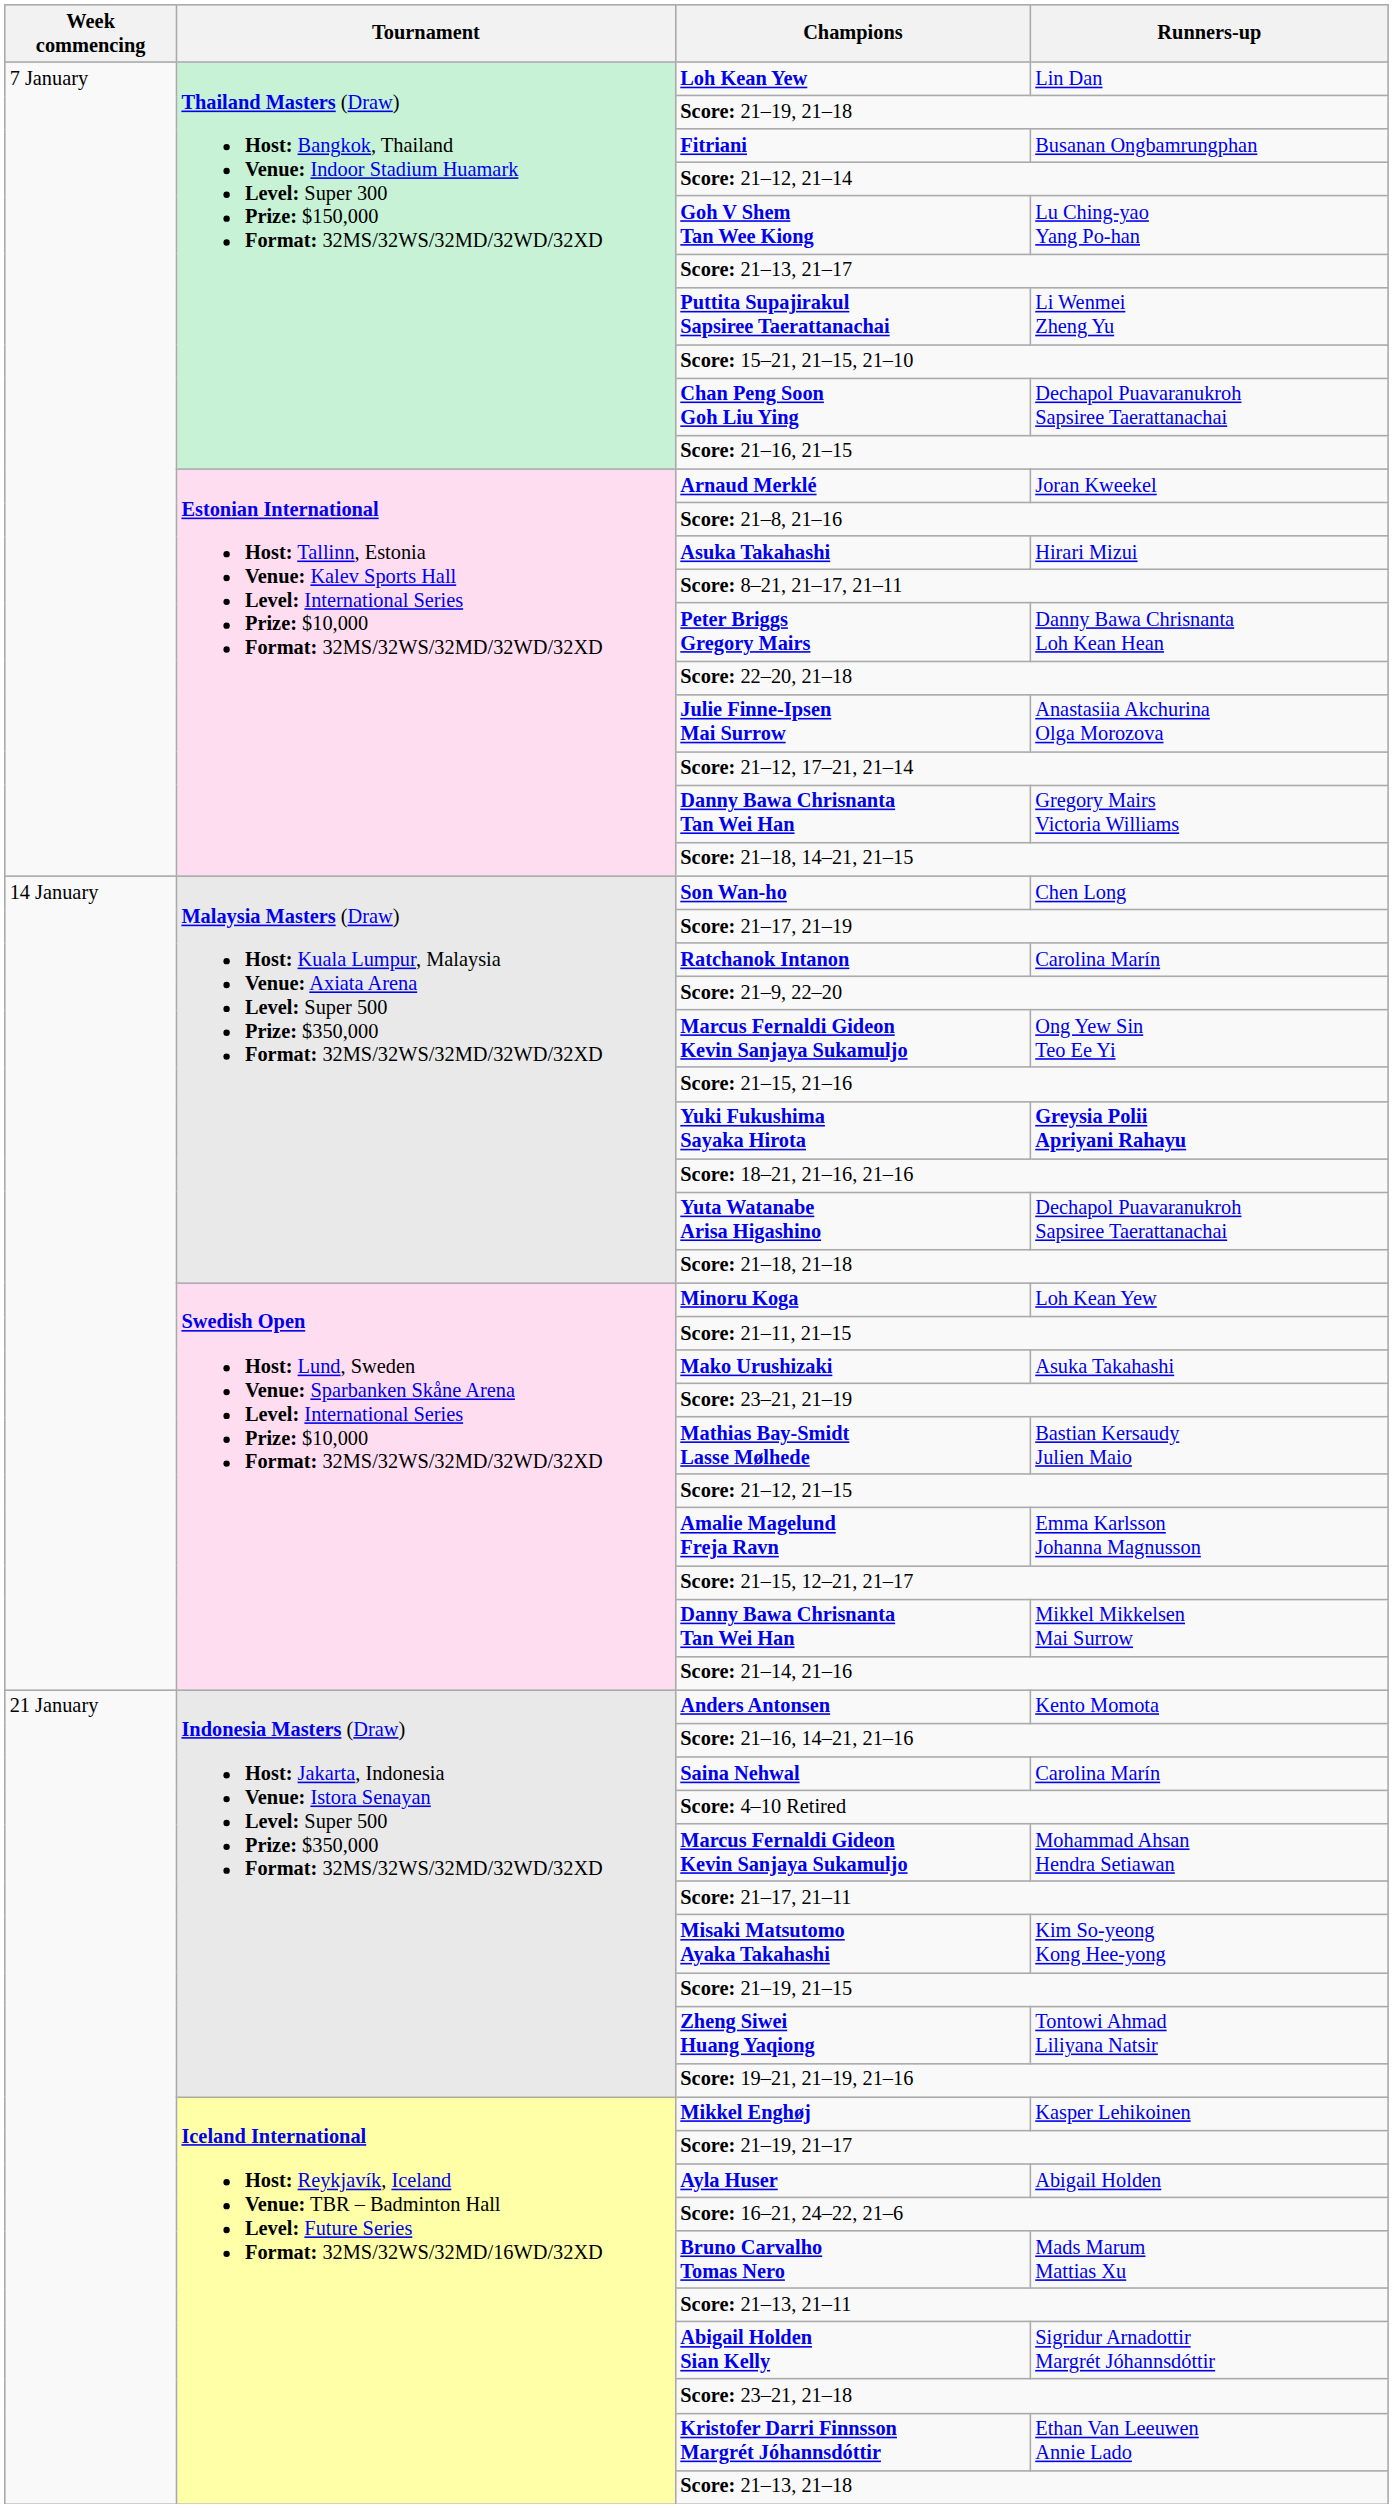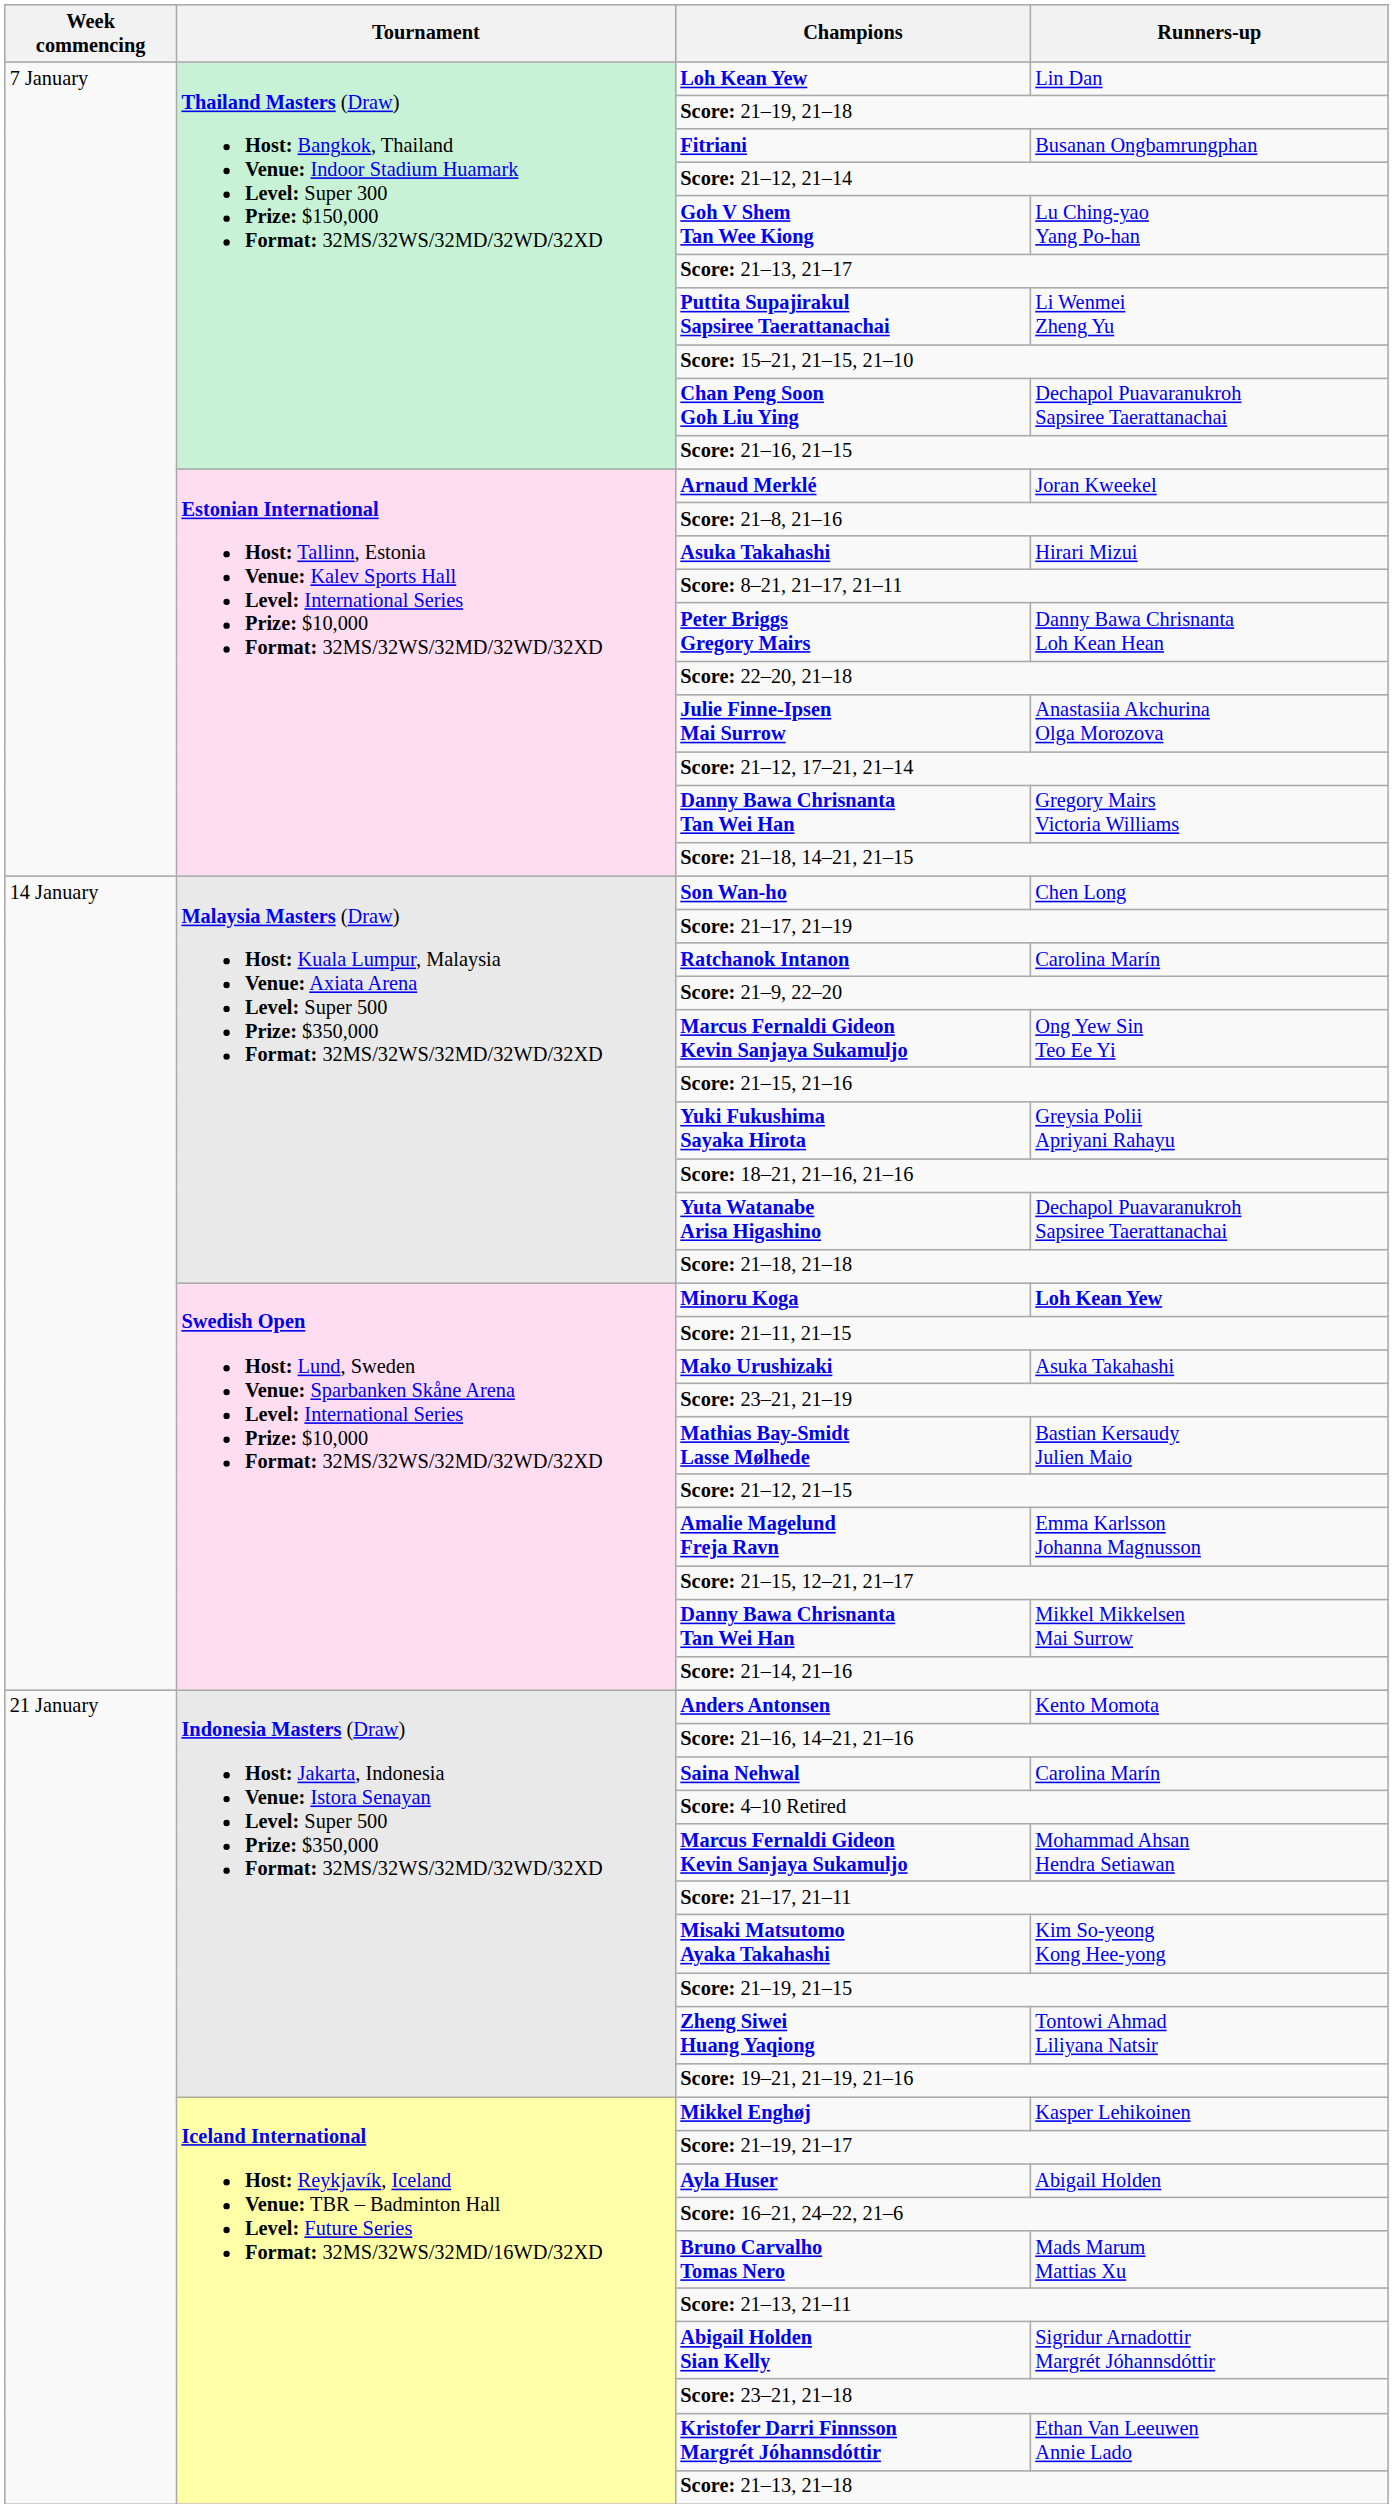 <table class=wikitable style=font-size:80%>
 <tr>
 <th width=110>Week commencing</th>
 <th width=330>Tournament</th>
 <th width=250>Champions</th>
 <th width=250>Runners-up</th>
 </tr>
 <tr valign=top>
 <td rowspan=20>7 January</td>
 <td style="background:#C7F2D5;" rowspan="10"><br><strong><a href='#'>Thailand Masters</a></strong> (<a href='#'>Draw</a>)<ul><li><strong>Host:</strong> <a href='#'>Bangkok</a>, Thailand</li><li><strong>Venue:</strong> <a href='#'>Indoor Stadium Huamark</a></li><li><strong>Level:</strong> Super 300</li><li><strong>Prize:</strong> $150,000</li><li><strong>Format:</strong> 32MS/32WS/32MD/32WD/32XD</li></ul></td>
 <td><strong> <a href='#'>Loh Kean Yew</a></strong></td>
 <td> <a href='#'>Lin Dan</a></td>
 </tr>
 <tr>
 <td colspan=2><strong>Score:</strong> 21–19, 21–18</td>
 </tr>
 <tr valign=top>
 <td><strong> <a href='#'>Fitriani</a></strong></td>
 <td> <a href='#'>Busanan Ongbamrungphan</a></td>
 </tr>
 <tr>
 <td colspan=2><strong>Score:</strong> 21–12, 21–14</td>
 </tr>
 <tr valign=top>
 <td><strong> <a href='#'>Goh V Shem</a><br> <a href='#'>Tan Wee Kiong</a></strong></td>
 <td> <a href='#'>Lu Ching-yao</a><br> <a href='#'>Yang Po-han</a></td>
 </tr>
 <tr>
 <td colspan=2><strong>Score:</strong> 21–13, 21–17</td>
 </tr>
 <tr valign=top>
 <td><strong> <a href='#'>Puttita Supajirakul</a><br> <a href='#'>Sapsiree Taerattanachai</a></strong></td>
 <td> <a href='#'>Li Wenmei</a><br> <a href='#'>Zheng Yu</a></td>
 </tr>
 <tr>
 <td colspan=2><strong>Score:</strong> 15–21, 21–15, 21–10</td>
 </tr>
 <tr valign=top>
 <td><strong> <a href='#'>Chan Peng Soon</a><br> <a href='#'>Goh Liu Ying</a></strong></td>
 <td> <a href='#'>Dechapol Puavaranukroh</a><br> <a href='#'>Sapsiree Taerattanachai</a></td>
 </tr>
 <tr>
 <td colspan=2><strong>Score:</strong> 21–16, 21–15</td>
 </tr>
 <tr valign=top>
 <td style="background:#FFDDF1;" rowspan="10"><br><strong><a href='#'>Estonian International</a></strong><ul><li><strong>Host:</strong> <a href='#'>Tallinn</a>, Estonia</li><li><strong>Venue:</strong> <a href='#'>Kalev Sports Hall</a></li><li><strong>Level:</strong> <a href='#'>International Series</a></li><li><strong>Prize:</strong> $10,000</li><li><strong>Format:</strong> 32MS/32WS/32MD/32WD/32XD</li></ul></td>
 <td><strong> <a href='#'>Arnaud Merklé</a></strong></td>
 <td> <a href='#'>Joran Kweekel</a></td>
 </tr>
 <tr>
 <td colspan=2><strong>Score:</strong> 21–8, 21–16</td>
 </tr>
 <tr valign=top>
 <td><strong> <a href='#'>Asuka Takahashi</a></strong></td>
 <td> <a href='#'>Hirari Mizui</a></td>
 </tr>
 <tr>
 <td colspan=2><strong>Score:</strong> 8–21, 21–17, 21–11</td>
 </tr>
 <tr valign=top>
 <td><strong> <a href='#'>Peter Briggs</a><br> <a href='#'>Gregory Mairs</a></strong></td>
 <td> <a href='#'>Danny Bawa Chrisnanta</a><br> <a href='#'>Loh Kean Hean</a></td>
 </tr>
 <tr>
 <td colspan=2><strong>Score:</strong> 22–20, 21–18</td>
 </tr>
 <tr valign=top>
 <td><strong> <a href='#'>Julie Finne-Ipsen</a><br> <a href='#'>Mai Surrow</a></strong></td>
 <td> <a href='#'>Anastasiia Akchurina</a><br> <a href='#'>Olga Morozova</a></td>
 </tr>
 <tr>
 <td colspan=2><strong>Score:</strong> 21–12, 17–21, 21–14</td>
 </tr>
 <tr valign=top>
 <td><strong> <a href='#'>Danny Bawa Chrisnanta</a><br> <a href='#'>Tan Wei Han</a></strong></td>
 <td> <a href='#'>Gregory Mairs</a><br> <a href='#'>Victoria Williams</a></td>
 </tr>
 <tr>
 <td colspan=2><strong>Score:</strong> 21–18, 14–21, 21–15</td>
 </tr>
 <tr valign=top>
 <td rowspan=20>14 January</td>
 <td style="background:#E9E9E9;" rowspan="10"><br><strong><a href='#'>Malaysia Masters</a></strong> (<a href='#'>Draw</a>)<ul><li><strong>Host:</strong> <a href='#'>Kuala Lumpur</a>, Malaysia</li><li><strong>Venue:</strong> <a href='#'>Axiata Arena</a></li><li><strong>Level:</strong> Super 500</li><li><strong>Prize:</strong> $350,000</li><li><strong>Format:</strong> 32MS/32WS/32MD/32WD/32XD</li></ul></td>
 <td><strong> <a href='#'>Son Wan-ho</a></strong></td>
 <td> <a href='#'>Chen Long</a></td>
 </tr>
 <tr>
 <td colspan=2><strong>Score:</strong> 21–17, 21–19</td>
 </tr>
 <tr valign=top>
 <td><strong> <a href='#'>Ratchanok Intanon</a></strong></td>
 <td> <a href='#'>Carolina Marín</a></td>
 </tr>
 <tr>
 <td colspan=2><strong>Score:</strong> 21–9, 22–20</td>
 </tr>
 <tr valign=top>
 <td><strong> <a href='#'>Marcus Fernaldi Gideon</a><br> <a href='#'>Kevin Sanjaya Sukamuljo</a></strong></td>
 <td> <a href='#'>Ong Yew Sin</a><br> <a href='#'>Teo Ee Yi</a></td>
 </tr>
 <tr>
 <td colspan=2><strong>Score:</strong> 21–15, 21–16</td>
 </tr>
 <tr valign=top>
 <td><strong> <a href='#'>Yuki Fukushima</a><br> <a href='#'>Sayaka Hirota</a></strong></td>
-<td><strong> <a href='#'>Greysia Polii</a><br> <a href='#'>Apriyani Rahayu</a></strong></td>
+<td> <a href='#'>Greysia Polii</a><br> <a href='#'>Apriyani Rahayu</a></td>
 </tr>
 <tr>
 <td colspan=2><strong>Score:</strong> 18–21, 21–16, 21–16</td>
 </tr>
 <tr valign=top>
 <td><strong> <a href='#'>Yuta Watanabe</a><br> <a href='#'>Arisa Higashino</a></strong></td>
 <td> <a href='#'>Dechapol Puavaranukroh</a><br> <a href='#'>Sapsiree Taerattanachai</a></td>
 </tr>
 <tr>
 <td colspan=2><strong>Score:</strong> 21–18, 21–18</td>
 </tr>
 <tr valign=top>
 <td style="background:#FFDDF1;" rowspan="10"><br><strong><a href='#'>Swedish Open</a></strong><ul><li><strong>Host:</strong> <a href='#'>Lund</a>, Sweden</li><li><strong>Venue:</strong> <a href='#'>Sparbanken Skåne Arena</a></li><li><strong>Level:</strong> <a href='#'>International Series</a></li><li><strong>Prize:</strong> $10,000</li><li><strong>Format:</strong> 32MS/32WS/32MD/32WD/32XD</li></ul></td>
 <td><strong> <a href='#'>Minoru Koga</a></strong></td>
-<td> <a href='#'>Loh Kean Yew</a></td>
+<td><strong> <a href='#'>Loh Kean Yew</a></strong></td>
 </tr>
 <tr>
 <td colspan=2><strong>Score:</strong> 21–11, 21–15</td>
 </tr>
 <tr valign=top>
 <td><strong> <a href='#'>Mako Urushizaki</a></strong></td>
 <td> <a href='#'>Asuka Takahashi</a></td>
 </tr>
 <tr>
 <td colspan=2><strong>Score:</strong> 23–21, 21–19</td>
 </tr>
 <tr valign=top>
 <td><strong> <a href='#'>Mathias Bay-Smidt</a><br> <a href='#'>Lasse Mølhede</a></strong></td>
 <td> <a href='#'>Bastian Kersaudy</a><br> <a href='#'>Julien Maio</a></td>
 </tr>
 <tr>
 <td colspan=2><strong>Score:</strong> 21–12, 21–15</td>
 </tr>
 <tr valign=top>
 <td><strong> <a href='#'>Amalie Magelund</a><br> <a href='#'>Freja Ravn</a></strong></td>
 <td> <a href='#'>Emma Karlsson</a><br> <a href='#'>Johanna Magnusson</a></td>
 </tr>
 <tr>
 <td colspan=2><strong>Score:</strong> 21–15, 12–21, 21–17</td>
 </tr>
 <tr valign=top>
 <td><strong> <a href='#'>Danny Bawa Chrisnanta</a><br> <a href='#'>Tan Wei Han</a></strong></td>
 <td> <a href='#'>Mikkel Mikkelsen</a><br> <a href='#'>Mai Surrow</a></td>
 </tr>
 <tr>
 <td colspan=2><strong>Score:</strong> 21–14, 21–16</td>
 </tr>
 <tr valign=top>
 <td rowspan=20>21 January</td>
 <td style="background:#E9E9E9;" rowspan="10"><br><strong><a href='#'>Indonesia Masters</a></strong> (<a href='#'>Draw</a>)<ul><li><strong>Host:</strong> <a href='#'>Jakarta</a>, Indonesia</li><li><strong>Venue:</strong> <a href='#'>Istora Senayan</a></li><li><strong>Level:</strong> Super 500</li><li><strong>Prize:</strong> $350,000</li><li><strong>Format:</strong> 32MS/32WS/32MD/32WD/32XD</li></ul></td>
 <td><strong> <a href='#'>Anders Antonsen</a></strong></td>
 <td> <a href='#'>Kento Momota</a></td>
 </tr>
 <tr>
 <td colspan=2><strong>Score:</strong> 21–16, 14–21, 21–16</td>
 </tr>
 <tr valign=top>
 <td><strong> <a href='#'>Saina Nehwal</a></strong></td>
 <td> <a href='#'>Carolina Marín</a></td>
 </tr>
 <tr>
 <td colspan=2><strong>Score:</strong> 4–10 Retired</td>
 </tr>
 <tr valign=top>
 <td><strong> <a href='#'>Marcus Fernaldi Gideon</a><br> <a href='#'>Kevin Sanjaya Sukamuljo</a></strong></td>
 <td> <a href='#'>Mohammad Ahsan</a><br> <a href='#'>Hendra Setiawan</a></td>
 </tr>
 <tr>
 <td colspan=2><strong>Score:</strong> 21–17, 21–11</td>
 </tr>
 <tr valign=top>
 <td><strong> <a href='#'>Misaki Matsutomo</a><br> <a href='#'>Ayaka Takahashi</a></strong></td>
 <td> <a href='#'>Kim So-yeong</a><br> <a href='#'>Kong Hee-yong</a></td>
 </tr>
 <tr>
 <td colspan=2><strong>Score:</strong> 21–19, 21–15</td>
 </tr>
 <tr valign=top>
 <td><strong> <a href='#'>Zheng Siwei</a><br> <a href='#'>Huang Yaqiong</a></strong></td>
 <td> <a href='#'>Tontowi Ahmad</a><br> <a href='#'>Liliyana Natsir</a></td>
 </tr>
 <tr>
 <td colspan=2><strong>Score:</strong> 19–21, 21–19, 21–16</td>
 </tr>
 <tr valign=top>
 <td style="background:#FFFFA8;" rowspan="10"><br><strong><a href='#'>Iceland International</a></strong><ul><li><strong>Host:</strong> <a href='#'>Reykjavík</a>, <a href='#'>Iceland</a></li><li><strong>Venue:</strong> TBR – Badminton Hall</li><li><strong>Level:</strong> <a href='#'>Future Series</a></li><li><strong>Format:</strong> 32MS/32WS/32MD/16WD/32XD</li></ul></td>
 <td><strong> <a href='#'>Mikkel Enghøj</a></strong></td>
 <td> <a href='#'>Kasper Lehikoinen</a></td>
 </tr>
 <tr>
 <td colspan=2><strong>Score:</strong> 21–19, 21–17</td>
 </tr>
 <tr valign=top>
 <td><strong> <a href='#'>Ayla Huser</a></strong></td>
 <td> <a href='#'>Abigail Holden</a></td>
 </tr>
 <tr>
 <td colspan=2><strong>Score:</strong> 16–21, 24–22, 21–6</td>
 </tr>
 <tr valign=top>
 <td><strong> <a href='#'>Bruno Carvalho</a><br> <a href='#'>Tomas Nero</a></strong></td>
 <td> <a href='#'>Mads Marum</a><br> <a href='#'>Mattias Xu</a></td>
 </tr>
 <tr>
 <td colspan=2><strong>Score:</strong> 21–13, 21–11</td>
 </tr>
 <tr valign=top>
 <td><strong> <a href='#'>Abigail Holden</a><br> <a href='#'>Sian Kelly</a></strong></td>
 <td> <a href='#'>Sigridur Arnadottir</a><br> <a href='#'>Margrét Jóhannsdóttir</a></td>
 </tr>
 <tr>
 <td colspan=2><strong>Score:</strong> 23–21, 21–18</td>
 </tr>
 <tr valign=top>
 <td><strong> <a href='#'>Kristofer Darri Finnsson</a><br> <a href='#'>Margrét Jóhannsdóttir</a></strong></td>
 <td> <a href='#'>Ethan Van Leeuwen</a><br> <a href='#'>Annie Lado</a></td>
 </tr>
 <tr>
 <td colspan=2><strong>Score:</strong> 21–13, 21–18</td>
 </tr>
 </table>
